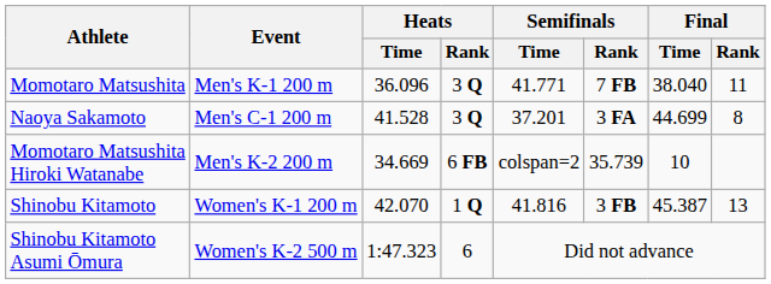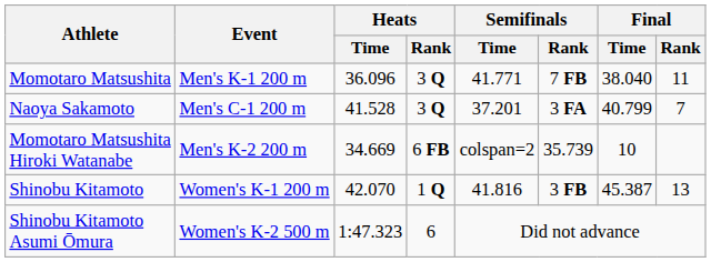 <table class="wikitable" style="font-size:90%">
 <tr>
 <th rowspan="2">Athlete</th>
 <th rowspan="2">Event</th>
 <th colspan=2>Heats</th>
 <th colspan=2>Semifinals</th>
 <th colspan=2>Final</th>
 </tr>
 <tr style="font-size:95%">
 <th>Time</th>
 <th>Rank</th>
 <th>Time</th>
 <th>Rank</th>
 <th>Time</th>
 <th>Rank</th>
 </tr>
 <tr align=center>
 <td align=left><a href='#'>Momotaro Matsushita</a></td>
 <td align=left><a href='#'>Men's K-1 200 m</a></td>
 <td>36.096</td>
 <td>3 <strong>Q</strong></td>
 <td>41.771</td>
 <td>7 <strong>FB</strong></td>
 <td>38.040</td>
 <td>11</td>
 </tr>
 <tr align=center>
 <td align=left><a href='#'>Naoya Sakamoto</a></td>
 <td align=left><a href='#'>Men's C-1 200 m</a></td>
 <td>41.528</td>
 <td>3 <strong>Q</strong></td>
 <td>37.201</td>
 <td>3 <strong>FA</strong></td>
-<td>44.699</td>
-<td>8</td>
+<td>40.799</td>
+<td>7</td>
 </tr>
 <tr align=center>
 <td align=left><a href='#'>Momotaro Matsushita</a><br><a href='#'>Hiroki Watanabe</a></td>
 <td align=left><a href='#'>Men's K-2 200 m</a></td>
 <td>34.669</td>
 <td>6 <strong>FB</strong></td>
 <td>colspan=2 </td>
 <td>35.739</td>
 <td>10</td>
 </tr>
 <tr align=center>
 <td align=left><a href='#'>Shinobu Kitamoto</a></td>
 <td align=left><a href='#'>Women's K-1 200 m</a></td>
 <td>42.070</td>
 <td>1 <strong>Q</strong></td>
 <td>41.816</td>
 <td>3 <strong>FB</strong></td>
 <td>45.387</td>
 <td>13</td>
 </tr>
 <tr align=center>
 <td align=left><a href='#'>Shinobu Kitamoto</a><br><a href='#'>Asumi Ōmura</a></td>
 <td align=left><a href='#'>Women's K-2 500 m</a></td>
 <td>1:47.323</td>
 <td>6</td>
 <td colspan=4>Did not advance</td>
 </tr>
 </table>
